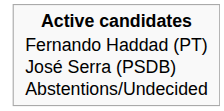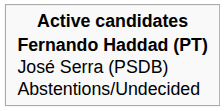 <table style="float; margin-left: 1em; margin-bottom: 0.5em" class="infobox">
 <tr>
 <td style="text-align: center"><span><strong>Active candidates</strong></span></td>
 </tr>
 <tr>
-<td style="padding: 0 5px;"> Fernando Haddad (PT)</td>
+<td style="padding: 0 5px;"><strong> Fernando Haddad (PT)</strong></td>
 </tr>
 <tr>
 <td style="padding: 0 5px;"> José Serra (PSDB)</td>
 </tr>
 <tr>
 <td style="padding: 0 5px;"> Abstentions/Undecided</td>
 </tr>
 </table>
